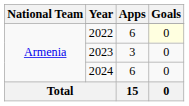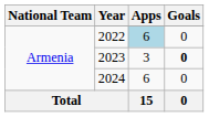 <table class="wikitable" style="text-align:center">
 <tr>
 <th>National Team</th>
 <th>Year</th>
 <th>Apps</th>
 <th>Goals</th>
 </tr>
 <tr>
 <td rowspan="4"><a href='#'>Armenia</a></td>
 </tr>
 <tr>
 <td>2022</td>
-<td>6</td>
-<td style="background: lightyellow;">0</td>
+<td style="background: lightblue;">6</td>
+<td>0</td>
 </tr>
 <tr>
 <td>2023</td>
 <td>3</td>
-<td>0</td>
+<td><strong>0</strong></td>
 </tr>
 <tr>
 <td>2024</td>
 <td>6</td>
 <td>0</td>
 </tr>
 <tr>
 <th colspan=2>Total</th>
 <th>15</th>
 <th>0</th>
 </tr>
 </table>
